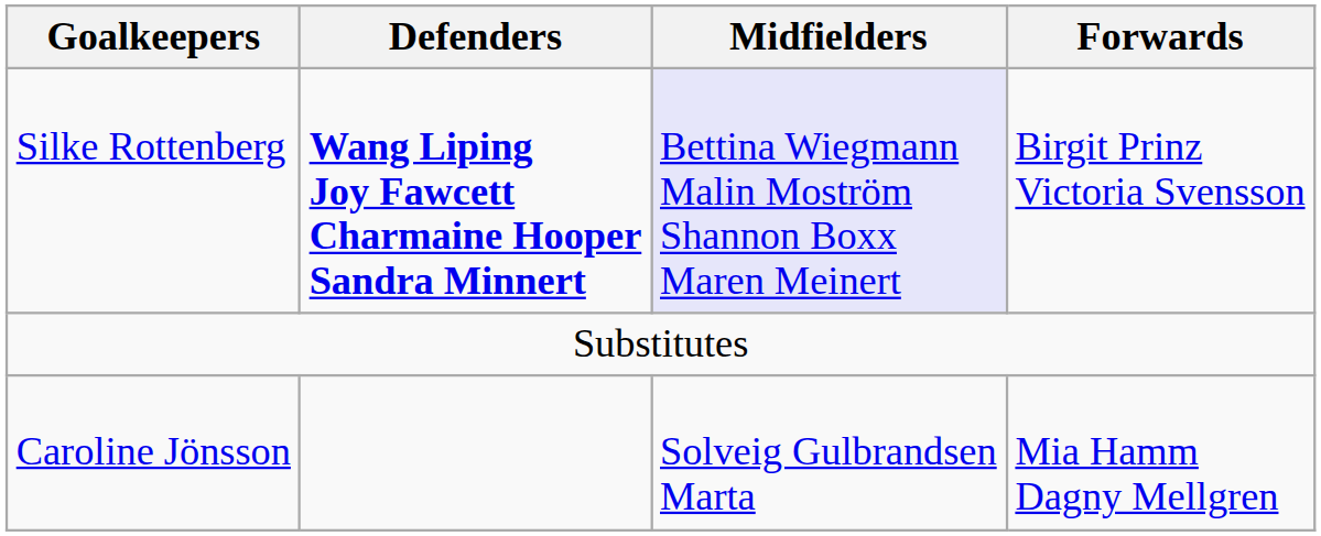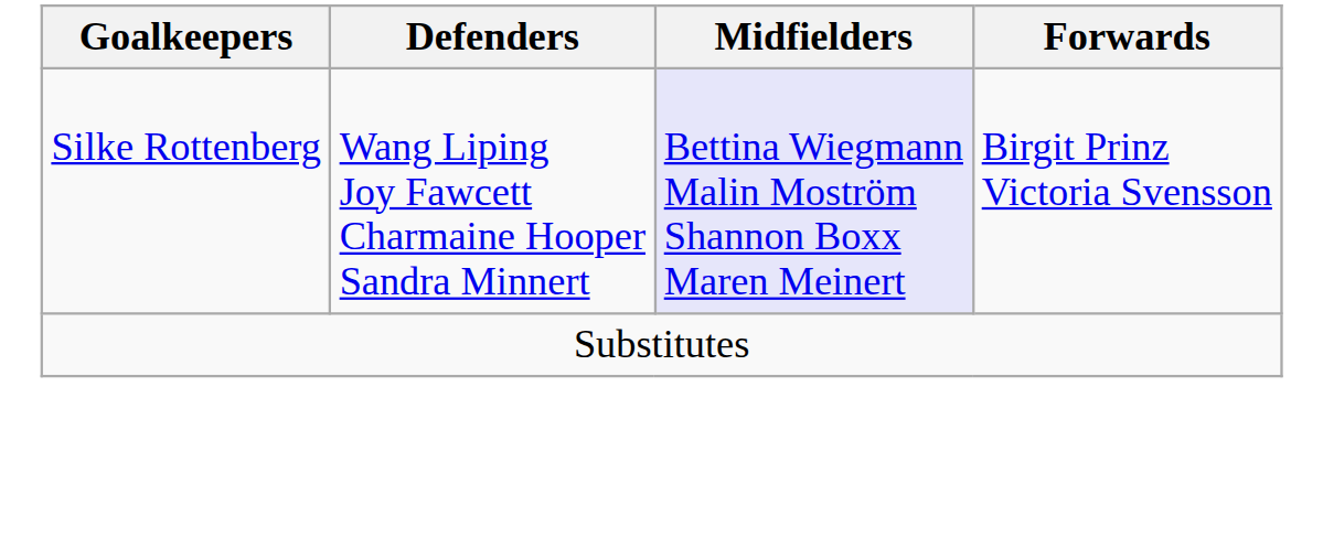 <table class="wikitable" style="margin:0 auto">
 <tr>
 <th>Goalkeepers</th>
 <th>Defenders</th>
 <th>Midfielders</th>
 <th>Forwards</th>
 </tr>
 <tr>
 <td align=left valign=top><br> <a href='#'>Silke Rottenberg</a></td>
-<td align=left valign=top><strong><br> <a href='#'>Wang Liping</a><br>  <a href='#'>Joy Fawcett</a><br>  <a href='#'>Charmaine Hooper</a><br>  <a href='#'>Sandra Minnert</a></strong></td>
+<td align=left valign=top><br> <a href='#'>Wang Liping</a><br>  <a href='#'>Joy Fawcett</a><br>  <a href='#'>Charmaine Hooper</a><br>  <a href='#'>Sandra Minnert</a></td>
 <td align=left valign=top style="background: lavender;"><br> <a href='#'>Bettina Wiegmann</a><br>  <a href='#'>Malin Moström</a><br>  <a href='#'>Shannon Boxx</a><br>  <a href='#'>Maren Meinert</a></td>
 <td align=left valign=top><br> <a href='#'>Birgit Prinz</a><br>  <a href='#'>Victoria Svensson</a></td>
 </tr>
 <tr>
 <td colspan=4 align=center>Substitutes</td>
 </tr>
-<tr>
-<td align=left valign=top><br> <a href='#'>Caroline Jönsson</a></td>
-<td align=left valign=top></td>
-<td align=left valign=top><br> <a href='#'>Solveig Gulbrandsen</a><br>  <a href='#'>Marta</a></td>
-<td align=left valign=top><br> <a href='#'>Mia Hamm</a><br>  <a href='#'>Dagny Mellgren</a></td>
-</tr>
 </table>
